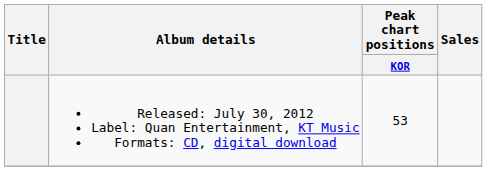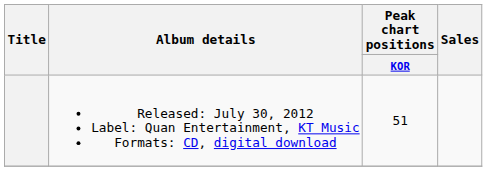 <table class="wikitable plainrowheaders" style="text-align:center;">
 <tr>
 <th scope="col" rowspan="2">Title</th>
 <th scope="col" rowspan="2">Album details</th>
 <th scope="col" colspan="1" style="width:5em;">Peak chart positions</th>
 <th scope="col" rowspan="2">Sales</th>
 </tr>
 <tr>
 <th><small><a href='#'>KOR</a></small><br></th>
 </tr>
 <tr>
 <th scope="row"><em></em></th>
 <td><br><ul><li>Released: July 30, 2012</li><li>Label: Quan Entertainment, <a href='#'>KT Music</a></li><li>Formats: <a href='#'>CD</a>, <a href='#'>digital download</a></li></ul></td>
-<td>53</td>
+<td>51</td>
 <td></td>
 </tr>
 <tr>
 </tr>
 </table>
